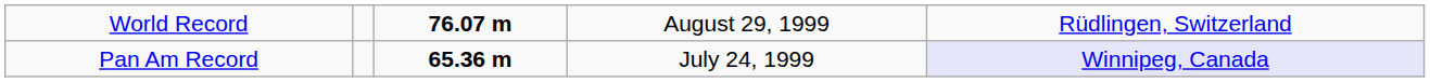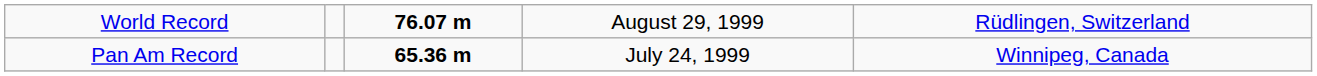 <table class="wikitable" style=" text-align:center; font-size:95%;" width="75%">
 <tr>
 <td><a href='#'>World Record</a></td>
 <td></td>
 <td><strong>76.07 m </strong></td>
 <td>August 29, 1999</td>
 <td> <a href='#'>Rüdlingen, Switzerland</a></td>
 </tr>
 <tr>
 <td><a href='#'>Pan Am Record</a></td>
 <td></td>
 <td><strong>65.36 m </strong></td>
 <td>July 24, 1999</td>
-<td style="background: lavender;"> <a href='#'>Winnipeg, Canada</a></td>
+<td> <a href='#'>Winnipeg, Canada</a></td>
 </tr>
 </table>
